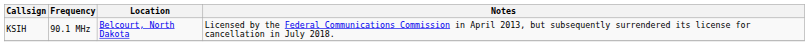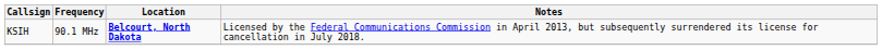 <table class="wikitable">
 <tr>
 <th>Callsign</th>
 <th>Frequency</th>
 <th>Location</th>
 <th>Notes</th>
 </tr>
 <tr>
 <td>KSIH</td>
 <td>90.1 MHz</td>
-<td><a href='#'>Belcourt, North Dakota</a></td>
+<td><strong><a href='#'>Belcourt, North Dakota</a></strong></td>
 <td>Licensed by the <a href='#'>Federal Communications Commission</a> in April 2013, but subsequently surrendered its license for cancellation in July 2018.</td>
 </tr>
 <tr>
 </tr>
 </table>
